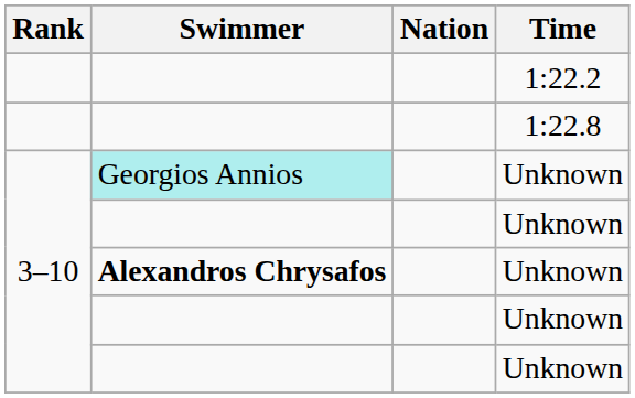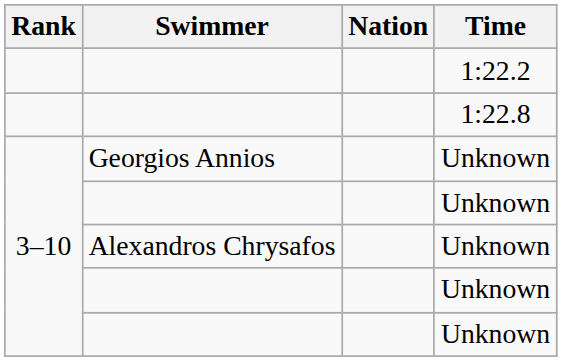 <table class="wikitable sortable" style="text-align:center">
 <tr>
 <th>Rank</th>
 <th>Swimmer</th>
 <th>Nation</th>
 <th>Time</th>
 </tr>
 <tr>
 <td></td>
 <td align=left></td>
 <td align=left></td>
 <td>1:22.2</td>
 </tr>
 <tr>
 <td></td>
 <td align=left></td>
 <td align=left></td>
 <td>1:22.8</td>
 </tr>
 <tr>
 <td rowspan=5>3–10</td>
-<td align=left style="background: paleturquoise;">Georgios Annios</td>
+<td align=left>Georgios Annios</td>
 <td align=left></td>
 <td data-sort-value=0:00.0>Unknown</td>
 </tr>
 <tr>
 <td align=left></td>
 <td align=left></td>
 <td data-sort-value=0:00.0>Unknown</td>
 </tr>
 <tr>
-<td align=left><strong>Alexandros Chrysafos</strong></td>
+<td align=left>Alexandros Chrysafos</td>
 <td align=left></td>
 <td data-sort-value=0:00.0>Unknown</td>
 </tr>
 <tr>
 <td align=left></td>
 <td align=left></td>
 <td data-sort-value=0:00.0>Unknown</td>
 </tr>
 <tr>
 <td align=left></td>
 <td align=left></td>
 <td data-sort-value=0:00.0>Unknown</td>
 </tr>
 </table>
